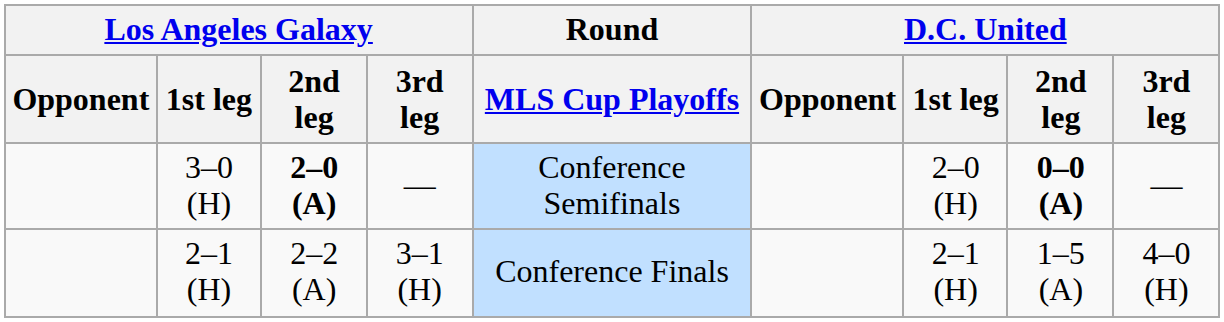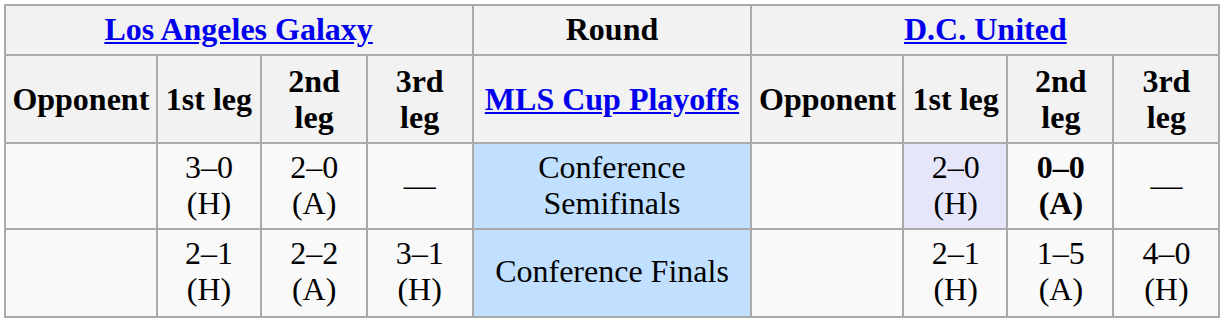 <table class="wikitable" style="text-align:center">
 <tr>
 <th scope=col colspan=4><a href='#'>Los Angeles Galaxy</a></th>
 <th>Round</th>
 <th scope=col colspan=4><a href='#'>D.C. United</a></th>
 </tr>
 <tr style="background:#c1e0ff">
 <th scope=col>Opponent</th>
 <th scope=col>1st leg</th>
 <th scope=col>2nd leg</th>
 <th scope=col>3rd leg</th>
 <th scope=col><a href='#'>MLS Cup Playoffs</a></th>
 <th scope=col>Opponent</th>
 <th scope=col>1st leg</th>
 <th scope=col>2nd leg</th>
 <th scope=col>3rd leg</th>
 </tr>
 <tr>
 <td align=left></td>
 <td>3–0 (H)</td>
-<td><strong>2–0 (A)</strong></td>
+<td>2–0 (A)</td>
 <td>—</td>
 <td style="background:#c1e0ff">Conference Semifinals</td>
 <td align=left></td>
-<td>2–0 (H)</td>
+<td style="background: lavender;">2–0 (H)</td>
 <td><strong>0–0  (A)</strong></td>
 <td>—</td>
 </tr>
 <tr>
 <td align=left></td>
 <td>2–1 (H)</td>
 <td>2–2  (A)</td>
 <td>3–1 (H)</td>
 <td style="background:#c1e0ff">Conference Finals</td>
 <td align=left></td>
 <td>2–1 (H)</td>
 <td>1–5 (A)</td>
 <td>4–0 (H)</td>
 </tr>
 </table>
